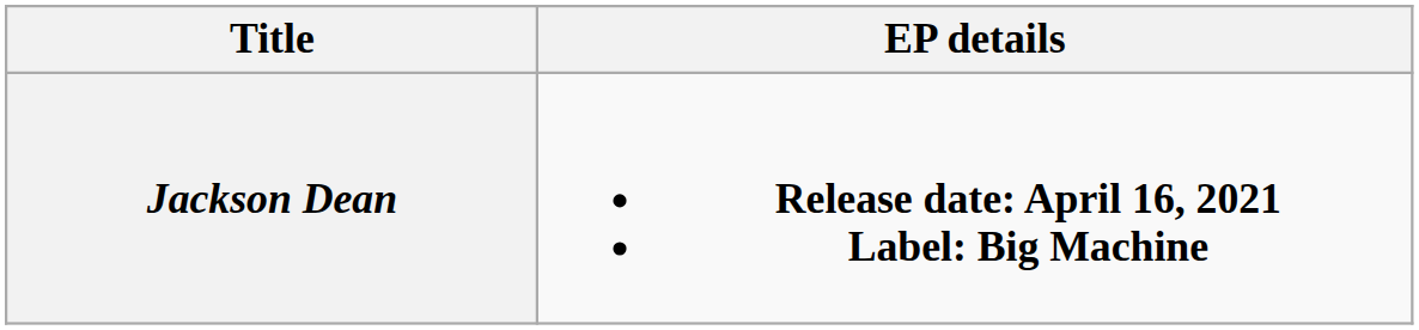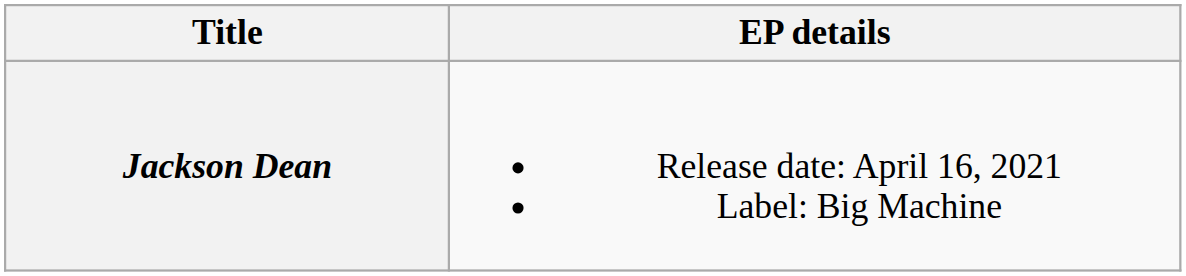 <table class="wikitable plainrowheaders" style="text-align:center;">
 <tr>
 <th style="width:12em;">Title</th>
 <th style="width:20em;">EP details</th>
 </tr>
 <tr>
 <th scope="row"><em>Jackson Dean</em></th>
-<td><strong><br><ul><li>Release date: April 16, 2021</li><li>Label: Big Machine</li></ul></strong></td>
+<td><br><ul><li>Release date: April 16, 2021</li><li>Label: Big Machine</li></ul></td>
 </tr>
 </table>
